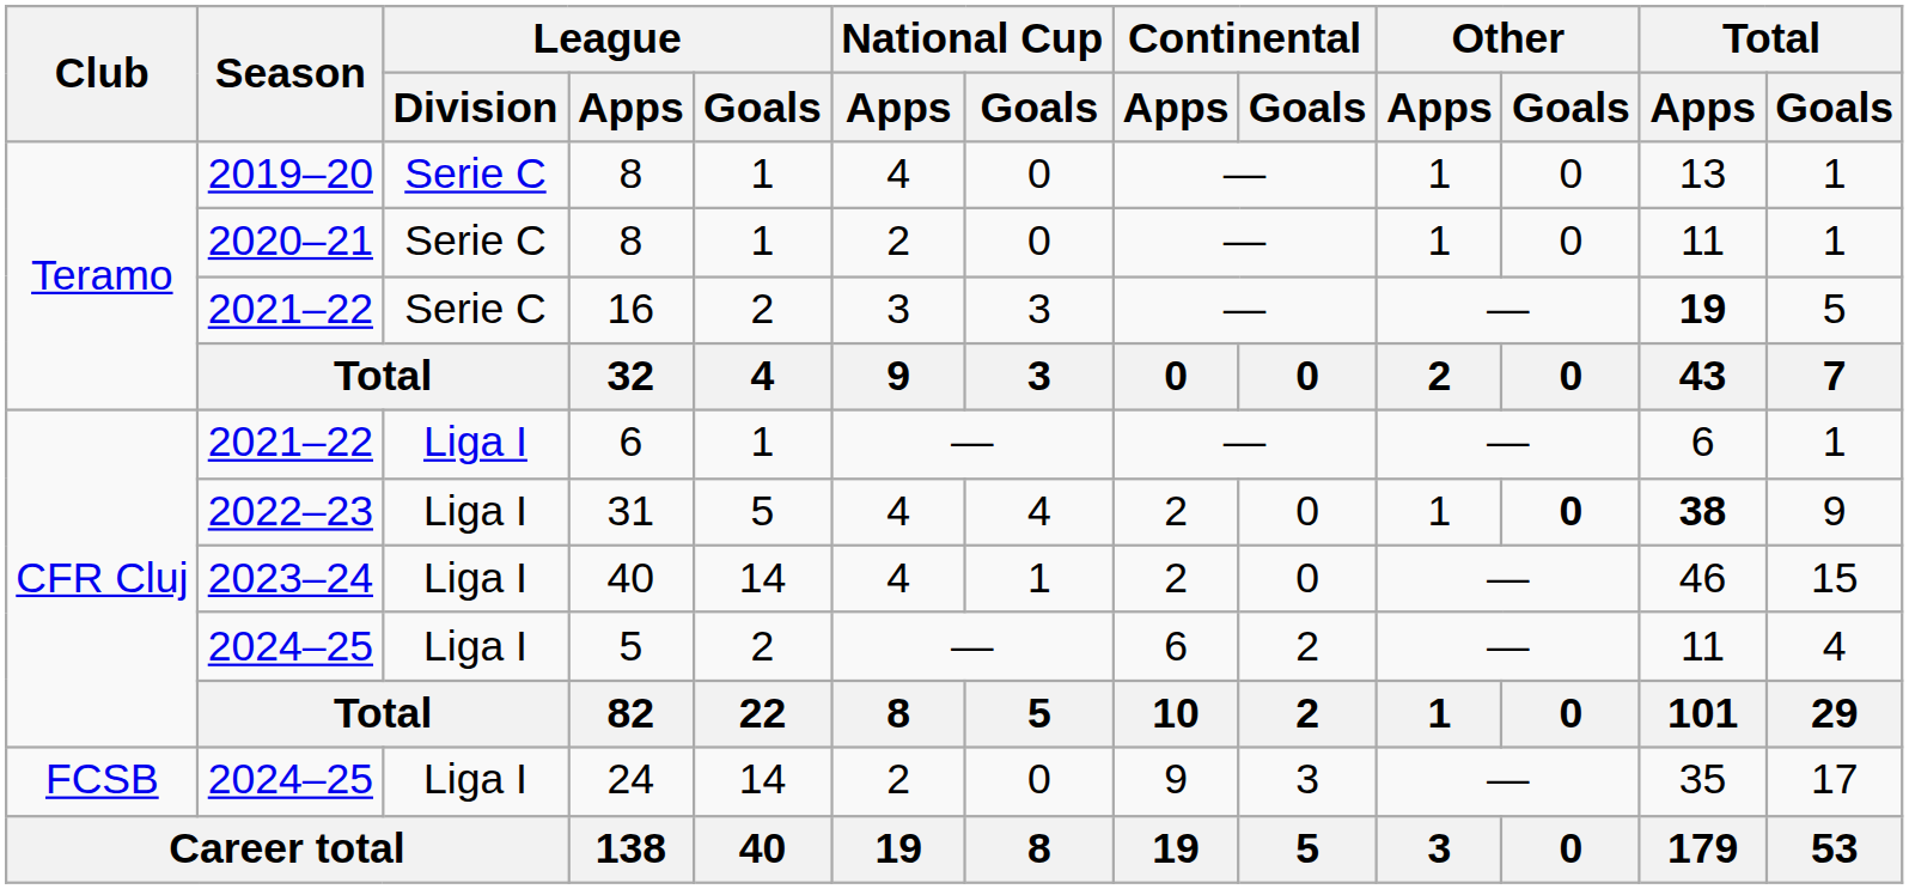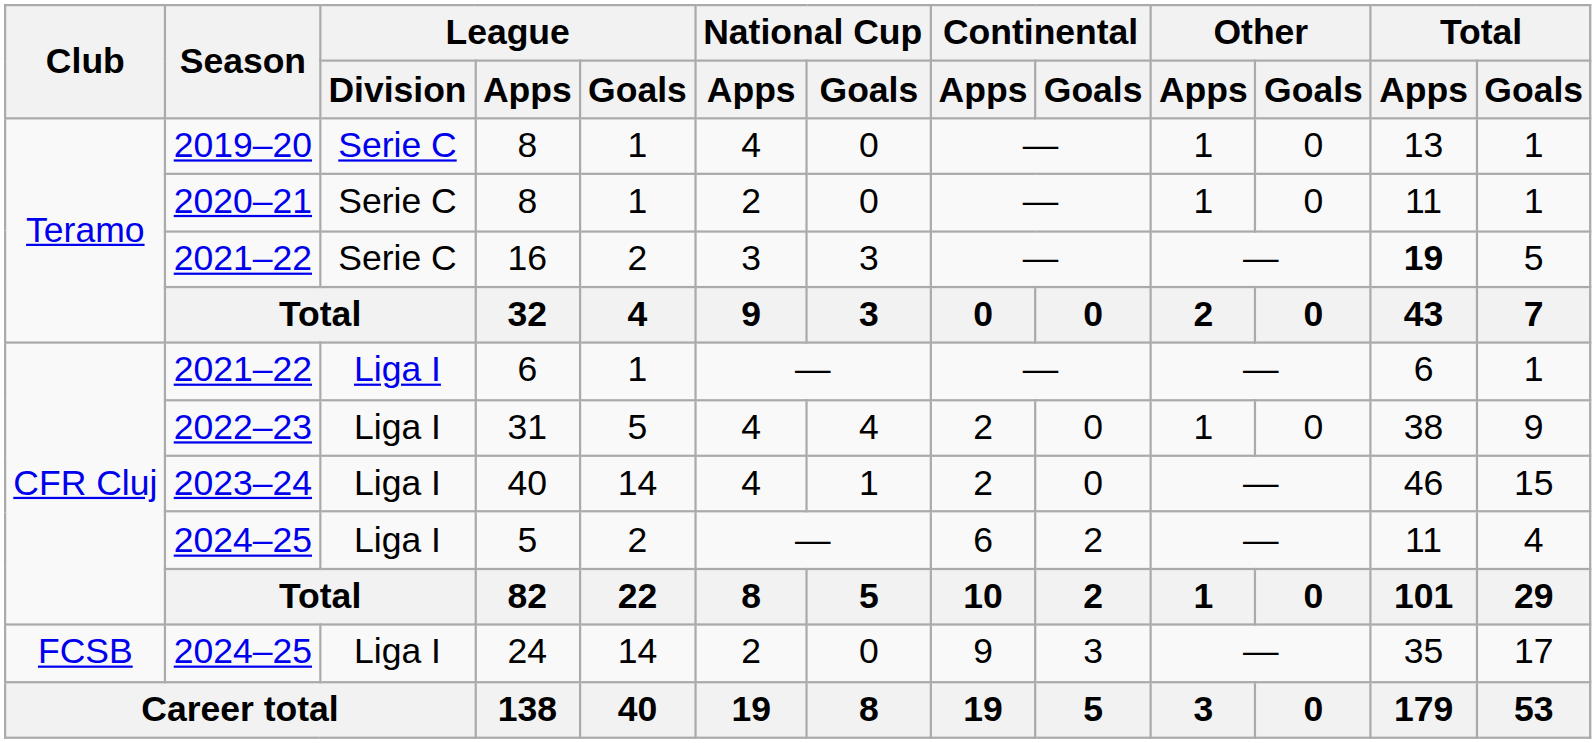 <table class=wikitable style=text-align:center>
 <tr>
 <th rowspan=2>Club</th>
 <th rowspan=2>Season</th>
 <th colspan=3>League</th>
 <th colspan=2>National Cup</th>
 <th colspan=2>Continental</th>
 <th colspan=2>Other</th>
 <th colspan=2>Total</th>
 </tr>
 <tr>
 <th>Division</th>
 <th>Apps</th>
 <th>Goals</th>
 <th>Apps</th>
 <th>Goals</th>
 <th>Apps</th>
 <th>Goals</th>
 <th>Apps</th>
 <th>Goals</th>
 <th>Apps</th>
 <th>Goals</th>
 </tr>
 <tr>
 <td rowspan="4"><a href='#'>Teramo</a></td>
 <td><a href='#'>2019–20</a></td>
 <td><a href='#'>Serie C</a></td>
 <td>8</td>
 <td>1</td>
 <td>4</td>
 <td>0</td>
 <td colspan="2">—</td>
 <td>1</td>
 <td>0</td>
 <td>13</td>
 <td>1</td>
 </tr>
 <tr>
 <td><a href='#'>2020–21</a></td>
 <td>Serie C</td>
 <td>8</td>
 <td>1</td>
 <td>2</td>
 <td>0</td>
 <td colspan="2">—</td>
 <td>1</td>
 <td>0</td>
 <td>11</td>
 <td>1</td>
 </tr>
 <tr>
 <td><a href='#'>2021–22</a></td>
 <td>Serie C</td>
 <td>16</td>
 <td>2</td>
 <td>3</td>
 <td>3</td>
 <td colspan="2">—</td>
 <td colspan="2">—</td>
 <td><strong>19</strong></td>
 <td>5</td>
 </tr>
 <tr>
 <th colspan="2">Total</th>
 <th>32</th>
 <th>4</th>
 <th>9</th>
 <th>3</th>
 <th>0</th>
 <th>0</th>
 <th>2</th>
 <th>0</th>
 <th>43</th>
 <th>7</th>
 </tr>
 <tr>
 <td rowspan="5"><a href='#'>CFR Cluj</a></td>
 <td><a href='#'>2021–22</a></td>
 <td rowspan="1"><a href='#'>Liga I</a></td>
 <td>6</td>
 <td>1</td>
 <td colspan="2">—</td>
 <td colspan="2">—</td>
 <td colspan="2">—</td>
 <td>6</td>
 <td>1</td>
 </tr>
 <tr>
 <td><a href='#'>2022–23</a></td>
 <td>Liga I</td>
 <td>31</td>
 <td>5</td>
 <td>4</td>
 <td>4</td>
 <td>2</td>
 <td>0</td>
 <td>1</td>
-<td><strong>0</strong></td>
-<td><strong>38</strong></td>
+<td>0</td>
+<td>38</td>
 <td>9</td>
 </tr>
 <tr>
 <td><a href='#'>2023–24</a></td>
 <td>Liga I</td>
 <td>40</td>
 <td>14</td>
 <td>4</td>
 <td>1</td>
 <td>2</td>
 <td>0</td>
 <td colspan="2">—</td>
 <td>46</td>
 <td>15</td>
 </tr>
 <tr>
 <td><a href='#'>2024–25</a></td>
 <td>Liga I</td>
 <td>5</td>
 <td>2</td>
 <td colspan="2">—</td>
 <td>6</td>
 <td>2</td>
 <td colspan="2">—</td>
 <td>11</td>
 <td>4</td>
 </tr>
 <tr>
 <th colspan="2">Total</th>
 <th>82</th>
 <th>22</th>
 <th>8</th>
 <th>5</th>
 <th>10</th>
 <th>2</th>
 <th>1</th>
 <th>0</th>
 <th>101</th>
 <th>29</th>
 </tr>
 <tr>
 <td><a href='#'>FCSB</a></td>
 <td><a href='#'>2024–25</a></td>
 <td rowspan="1">Liga I</td>
 <td>24</td>
 <td>14</td>
 <td>2</td>
 <td>0</td>
 <td>9</td>
 <td>3</td>
 <td colspan="2">—</td>
 <td>35</td>
 <td>17</td>
 </tr>
 <tr>
 <th colspan="3">Career total</th>
 <th>138</th>
 <th>40</th>
 <th>19</th>
 <th>8</th>
 <th>19</th>
 <th>5</th>
 <th>3</th>
 <th>0</th>
 <th>179</th>
 <th>53</th>
 </tr>
 </table>
